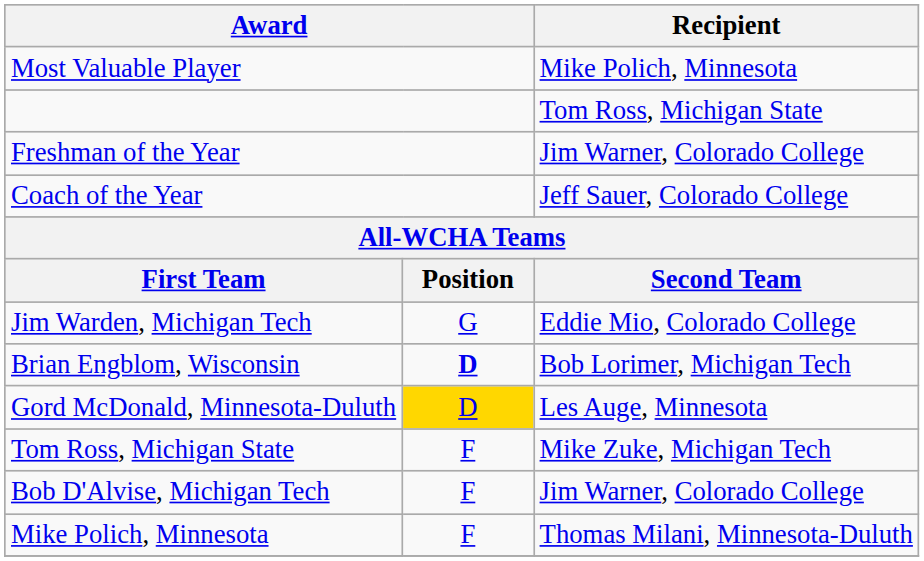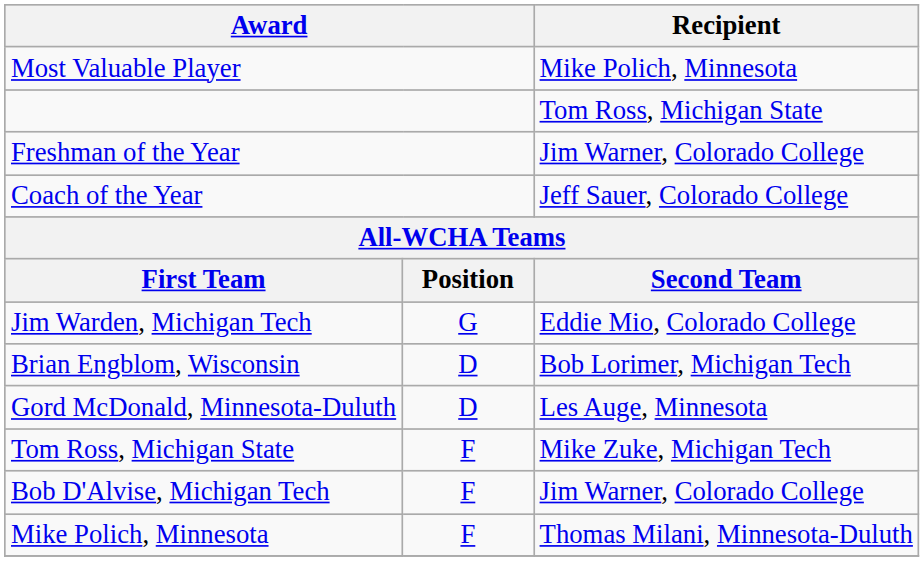 <table class="wikitable">
 <tr>
 <th colspan=2><a href='#'>Award</a></th>
 <th>Recipient</th>
 </tr>
 <tr>
 <td colspan=2><a href='#'>Most Valuable Player</a></td>
 <td><a href='#'>Mike Polich</a>, <a href='#'>Minnesota</a></td>
 </tr>
 <tr>
 <td colspan=2></td>
 <td><a href='#'>Tom Ross</a>, <a href='#'>Michigan State</a></td>
 </tr>
 <tr>
 <td colspan=2><a href='#'>Freshman of the Year</a></td>
 <td><a href='#'>Jim Warner</a>, <a href='#'>Colorado College</a></td>
 </tr>
 <tr>
 <td colspan=2><a href='#'>Coach of the Year</a></td>
 <td><a href='#'>Jeff Sauer</a>, <a href='#'>Colorado College</a></td>
 </tr>
 <tr>
 <th colspan=3><a href='#'>All-WCHA Teams</a></th>
 </tr>
 <tr>
 <th><a href='#'>First Team</a></th>
 <th>  Position  </th>
 <th><a href='#'>Second Team</a></th>
 </tr>
 <tr>
 <td><a href='#'>Jim Warden</a>, <a href='#'>Michigan Tech</a></td>
 <td align=center><a href='#'>G</a></td>
 <td><a href='#'>Eddie Mio</a>, <a href='#'>Colorado College</a></td>
 </tr>
 <tr>
 <td><a href='#'>Brian Engblom</a>, <a href='#'>Wisconsin</a></td>
-<td align=center><strong><a href='#'>D</a></strong></td>
+<td align=center><a href='#'>D</a></td>
 <td><a href='#'>Bob Lorimer</a>, <a href='#'>Michigan Tech</a></td>
 </tr>
 <tr>
 <td><a href='#'>Gord McDonald</a>, <a href='#'>Minnesota-Duluth</a></td>
-<td align=center style="background: gold;"><a href='#'>D</a></td>
+<td align=center><a href='#'>D</a></td>
 <td><a href='#'>Les Auge</a>, <a href='#'>Minnesota</a></td>
 </tr>
 <tr>
 <td><a href='#'>Tom Ross</a>, <a href='#'>Michigan State</a></td>
 <td align=center><a href='#'>F</a></td>
 <td><a href='#'>Mike Zuke</a>, <a href='#'>Michigan Tech</a></td>
 </tr>
 <tr>
 <td><a href='#'>Bob D'Alvise</a>, <a href='#'>Michigan Tech</a></td>
 <td align=center><a href='#'>F</a></td>
 <td><a href='#'>Jim Warner</a>, <a href='#'>Colorado College</a></td>
 </tr>
 <tr>
 <td><a href='#'>Mike Polich</a>, <a href='#'>Minnesota</a></td>
 <td align=center><a href='#'>F</a></td>
 <td><a href='#'>Thomas Milani</a>, <a href='#'>Minnesota-Duluth</a></td>
 </tr>
 <tr>
 </tr>
 </table>
